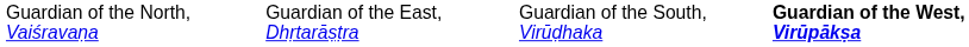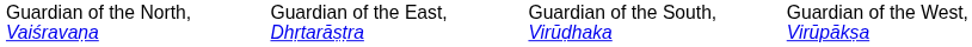 <table>
 <tr>
 <td></td>
 <td></td>
 <td></td>
 <td></td>
 </tr>
 <tr>
 <td>Guardian of the North, <em><a href='#'>Vaiśravaṇa</a></em></td>
 <td>Guardian of the East, <em><a href='#'>Dhṛtarāṣṭra</a></em></td>
 <td>Guardian of the South, <em><a href='#'>Virūḍhaka</a></em></td>
-<td><strong>Guardian of the West, <em><a href='#'>Virūpākṣa</a></em></strong></td>
+<td>Guardian of the West, <em><a href='#'>Virūpākṣa</a></em></td>
 </tr>
 </table>
